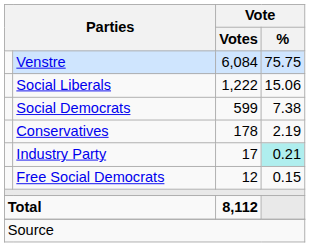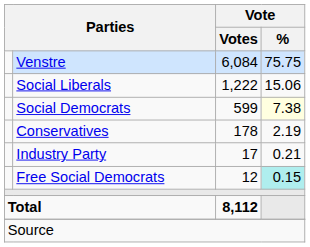 <table class="wikitable" style="text-align:right;">
 <tr>
 <th style="text-align:centre;" rowspan="2" colspan="2" width="225">Parties</th>
 <th colspan="3">Vote</th>
 </tr>
 <tr>
 <th width="15">Votes</th>
 <th width="15">%</th>
 </tr>
 <tr>
 <td width="2" style="color:inherit;background:"></td>
 <td bgcolor=#cfe5fe  align="left"><a href='#'>Venstre</a></td>
 <td bgcolor=#cfe5fe>6,084</td>
 <td bgcolor=#cfe5fe>75.75</td>
 </tr>
 <tr>
 <td width="2" style="color:inherit;background:"></td>
 <td align="left"><a href='#'>Social Liberals</a></td>
 <td>1,222</td>
 <td>15.06</td>
 </tr>
 <tr>
 <td width="2" style="color:inherit;background:"></td>
 <td align="left"><a href='#'>Social Democrats</a></td>
 <td>599</td>
-<td>7.38</td>
+<td style="background: lightyellow;">7.38</td>
 </tr>
 <tr>
 <td width="2" style="color:inherit;background:"></td>
 <td align="left"><a href='#'>Conservatives</a></td>
 <td>178</td>
 <td>2.19</td>
 </tr>
 <tr>
 <td width="2" style="color:inherit;background:"></td>
 <td align="left"><a href='#'>Industry Party</a></td>
 <td>17</td>
-<td style="background: paleturquoise;">0.21</td>
+<td>0.21</td>
 </tr>
 <tr>
 <td width="2" style="color:inherit;background:"></td>
 <td align="left"><a href='#'>Free Social Democrats</a></td>
 <td>12</td>
-<td>0.15</td>
+<td style="background: paleturquoise;">0.15</td>
 </tr>
 <tr>
 <td colspan="7" bgcolor="#E9E9E9"></td>
 </tr>
 <tr>
 <td align="left" colspan="2"><strong>Total</strong></td>
 <td><strong>8,112</strong></td>
 <td bgcolor="#E9E9E9" colspan="2"></td>
 </tr>
 <tr>
 </tr>
 <tr>
 <td align="left" colspan="6">Source</td>
 </tr>
 </table>
